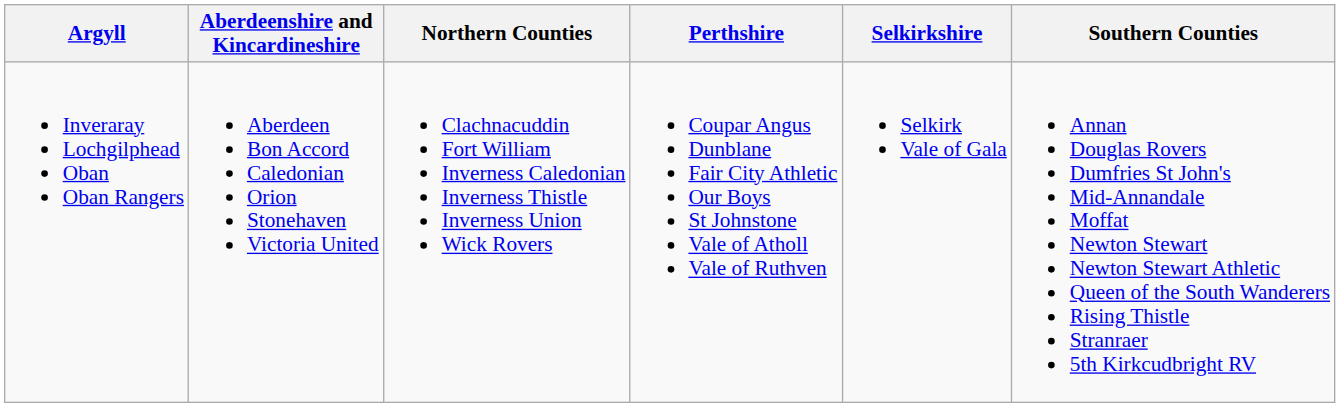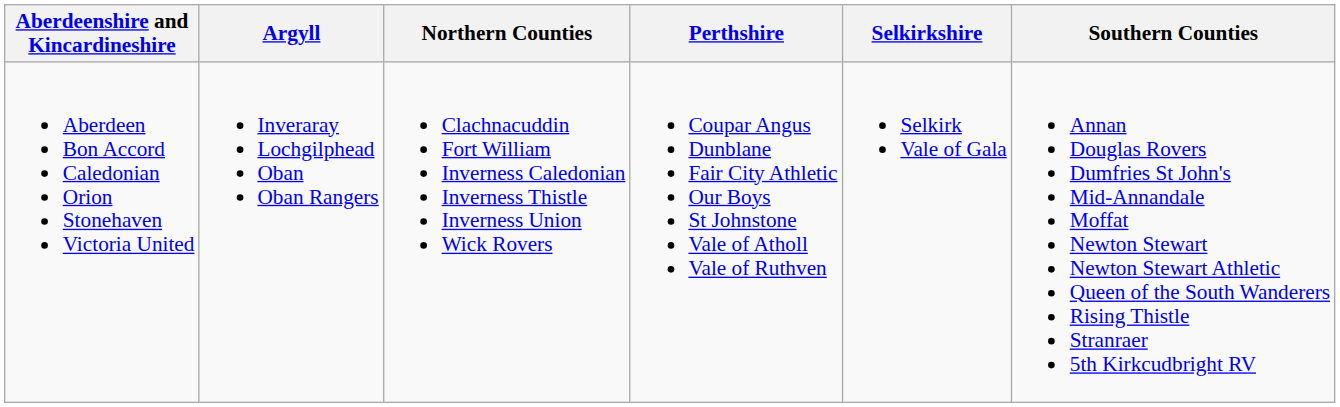 <table class="wikitable" style="text-align:left">
 <tr>
+<th scope="col"><a href='#'>Aberdeenshire</a> and<br><a href='#'>Kincardineshire</a></th>
 <th scope="col"><a href='#'>Argyll</a></th>
-<th scope="col"><a href='#'>Aberdeenshire</a> and<br><a href='#'>Kincardineshire</a></th>
 <th scope="col">Northern Counties</th>
 <th scope="col"><a href='#'>Perthshire</a></th>
 <th scope="col"><a href='#'>Selkirkshire</a></th>
 <th scope="col">Southern Counties</th>
 </tr>
 <tr>
+<td valign=top><br><ul><li><a href='#'>Aberdeen</a></li><li><a href='#'>Bon Accord</a></li><li><a href='#'>Caledonian</a></li><li><a href='#'>Orion</a></li><li><a href='#'>Stonehaven</a></li><li><a href='#'>Victoria United</a></li></ul></td>
 <td valign=top><br><ul><li><a href='#'>Inveraray</a></li><li><a href='#'>Lochgilphead</a></li><li><a href='#'>Oban</a></li><li><a href='#'>Oban Rangers</a></li></ul></td>
-<td valign=top><br><ul><li><a href='#'>Aberdeen</a></li><li><a href='#'>Bon Accord</a></li><li><a href='#'>Caledonian</a></li><li><a href='#'>Orion</a></li><li><a href='#'>Stonehaven</a></li><li><a href='#'>Victoria United</a></li></ul></td>
 <td valign=top><br><ul><li><a href='#'>Clachnacuddin</a></li><li><a href='#'>Fort William</a></li><li><a href='#'>Inverness Caledonian</a></li><li><a href='#'>Inverness Thistle</a></li><li><a href='#'>Inverness Union</a></li><li><a href='#'>Wick Rovers</a></li></ul></td>
 <td valign=top><br><ul><li><a href='#'>Coupar Angus</a></li><li><a href='#'>Dunblane</a></li><li><a href='#'>Fair City Athletic</a></li><li><a href='#'>Our Boys</a></li><li><a href='#'>St Johnstone</a></li><li><a href='#'>Vale of Atholl</a></li><li><a href='#'>Vale of Ruthven</a></li></ul></td>
 <td valign=top><br><ul><li><a href='#'>Selkirk</a></li><li><a href='#'>Vale of Gala</a></li></ul></td>
 <td valign=top><br><ul><li><a href='#'>Annan</a></li><li><a href='#'>Douglas Rovers</a></li><li><a href='#'>Dumfries St John's</a></li><li><a href='#'>Mid-Annandale</a></li><li><a href='#'>Moffat</a></li><li><a href='#'>Newton Stewart</a></li><li><a href='#'>Newton Stewart Athletic</a></li><li><a href='#'>Queen of the South Wanderers</a></li><li><a href='#'>Rising Thistle</a></li><li><a href='#'>Stranraer</a></li><li><a href='#'>5th Kirkcudbright RV</a></li></ul></td>
 </tr>
 </table>
